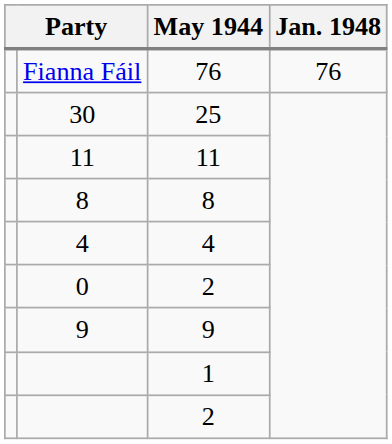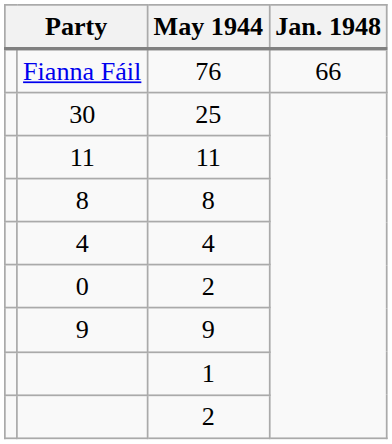 <table class="wikitable" style="font-size: 95%;">
 <tr style="background-color:#E9E9E9; border-bottom: 2px solid gray;">
 <th colspan=2>Party</th>
 <th>May 1944</th>
 <th>Jan. 1948</th>
 </tr>
 <tr>
 <td style="background-color: "></td>
 <td><a href='#'>Fianna Fáil</a></td>
 <td align="center">76</td>
-<td align="center">76</td>
+<td align="center">66</td>
 </tr>
 <tr>
 <td></td>
 <td align="center">30</td>
 <td align="center">25</td>
 </tr>
 <tr>
 <td></td>
 <td align="center">11</td>
 <td align="center">11</td>
 </tr>
 <tr>
 <td></td>
 <td align="center">8</td>
 <td align="center">8</td>
 </tr>
 <tr>
 <td></td>
 <td align="center">4</td>
 <td align="center">4</td>
 </tr>
 <tr>
 <td></td>
 <td align="center">0</td>
 <td align="center">2</td>
 </tr>
 <tr>
 <td></td>
 <td align="center">9</td>
 <td align="center">9</td>
 </tr>
 <tr>
 <td></td>
 <td></td>
 <td align="center">1</td>
 </tr>
 <tr>
 <td></td>
 <td></td>
 <td align="center">2</td>
 </tr>
 </table>
